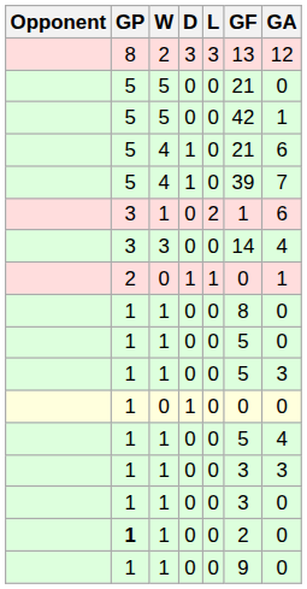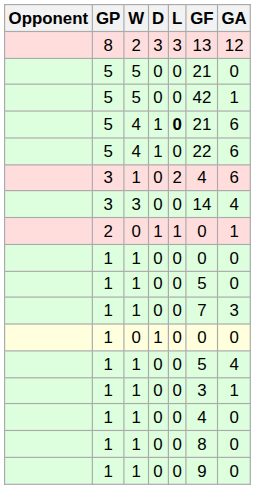 <table class="wikitable sortable" style="text-align:center; font-size:90%;">
 <tr>
 <th>Opponent</th>
 <th>GP</th>
 <th>W</th>
 <th>D</th>
 <th>L</th>
 <th>GF</th>
 <th>GA</th>
 </tr>
 <tr bgcolor="#fdd">
 <td></td>
 <td>8</td>
 <td>2</td>
 <td>3</td>
 <td>3</td>
 <td>13</td>
 <td>12</td>
 </tr>
 <tr bgcolor="#dfd">
 <td></td>
 <td>5</td>
 <td>5</td>
 <td>0</td>
 <td>0</td>
 <td>21</td>
 <td>0</td>
 </tr>
 <tr bgcolor="#dfd">
 <td></td>
 <td>5</td>
 <td>5</td>
 <td>0</td>
 <td>0</td>
 <td>42</td>
 <td>1</td>
 </tr>
 <tr bgcolor="#dfd">
 <td></td>
 <td>5</td>
 <td>4</td>
 <td>1</td>
-<td>0</td>
+<td><strong>0</strong></td>
 <td>21</td>
 <td>6</td>
 </tr>
 <tr bgcolor="#dfd">
 <td></td>
 <td>5</td>
 <td>4</td>
 <td>1</td>
 <td>0</td>
-<td>39</td>
-<td>7</td>
+<td>22</td>
+<td>6</td>
 </tr>
 <tr bgcolor="#fdd">
 <td></td>
 <td>3</td>
 <td>1</td>
 <td>0</td>
 <td>2</td>
-<td>1</td>
+<td>4</td>
 <td>6</td>
 </tr>
 <tr bgcolor="#dfd">
 <td></td>
 <td>3</td>
 <td>3</td>
 <td>0</td>
 <td>0</td>
 <td>14</td>
 <td>4</td>
 </tr>
 <tr bgcolor="#fdd">
 <td></td>
 <td>2</td>
 <td>0</td>
 <td>1</td>
 <td>1</td>
 <td>0</td>
 <td>1</td>
 </tr>
 <tr bgcolor="#dfd">
 <td></td>
 <td>1</td>
 <td>1</td>
 <td>0</td>
 <td>0</td>
-<td>8</td>
+<td>0</td>
 <td>0</td>
 </tr>
 <tr bgcolor="#dfd">
 <td></td>
 <td>1</td>
 <td>1</td>
 <td>0</td>
 <td>0</td>
 <td>5</td>
 <td>0</td>
 </tr>
 <tr bgcolor="#dfd">
 <td></td>
 <td>1</td>
 <td>1</td>
 <td>0</td>
 <td>0</td>
-<td>5</td>
+<td>7</td>
 <td>3</td>
 </tr>
 <tr bgcolor="#ffd">
 <td></td>
 <td>1</td>
 <td>0</td>
 <td>1</td>
 <td>0</td>
 <td>0</td>
 <td>0</td>
 </tr>
 <tr bgcolor="#dfd">
 <td></td>
 <td>1</td>
 <td>1</td>
 <td>0</td>
 <td>0</td>
 <td>5</td>
 <td>4</td>
 </tr>
 <tr bgcolor="#dfd">
 <td></td>
 <td>1</td>
 <td>1</td>
 <td>0</td>
 <td>0</td>
 <td>3</td>
-<td>3</td>
+<td>1</td>
 </tr>
 <tr bgcolor="#dfd">
 <td></td>
 <td>1</td>
 <td>1</td>
 <td>0</td>
 <td>0</td>
-<td>3</td>
+<td>4</td>
 <td>0</td>
 </tr>
 <tr bgcolor="#dfd">
 <td></td>
-<td><strong>1</strong></td>
+<td>1</td>
 <td>1</td>
 <td>0</td>
 <td>0</td>
-<td>2</td>
+<td>8</td>
 <td>0</td>
 </tr>
 <tr bgcolor="#dfd">
 <td></td>
 <td>1</td>
 <td>1</td>
 <td>0</td>
 <td>0</td>
 <td>9</td>
 <td>0</td>
 </tr>
 </table>
